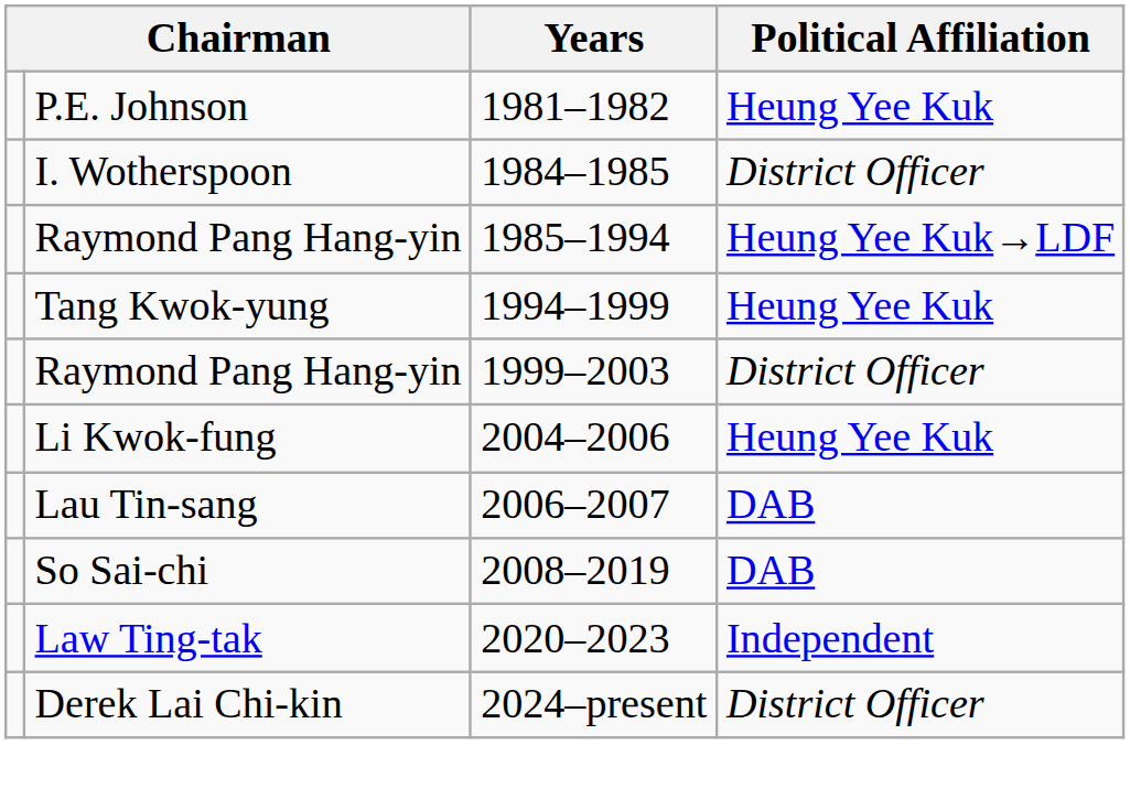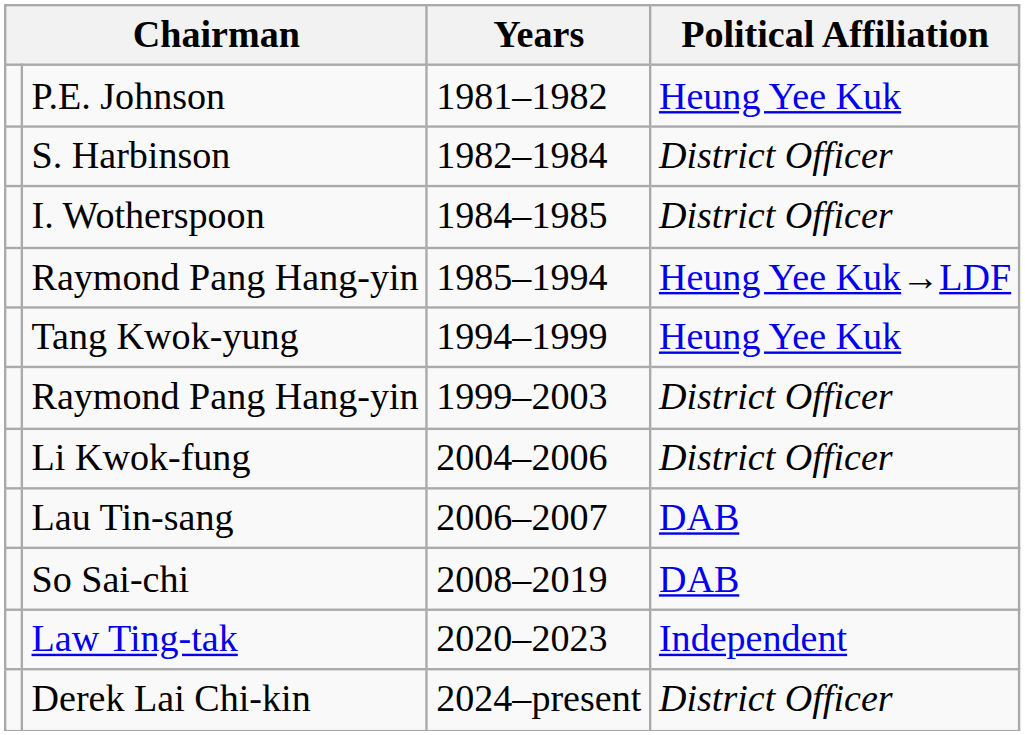 <table class="wikitable">
 <tr>
 <th colspan=2>Chairman</th>
 <th>Years</th>
 <th>Political Affiliation</th>
 </tr>
 <tr>
 <td style="color:inherit;background:"></td>
 <td>P.E. Johnson</td>
 <td>1981–1982</td>
 <td><a href='#'>Heung Yee Kuk</a></td>
+</tr>
+<tr>
+<td style="color:inherit;background:"></td>
+<td>S. Harbinson</td>
+<td>1982–1984</td>
+<td><em>District Officer</em></td>
 </tr>
 <tr>
 <td style="color:inherit;background:"></td>
 <td>I. Wotherspoon</td>
 <td>1984–1985</td>
 <td><em>District Officer</em></td>
 </tr>
 <tr>
 <td style="color:inherit;background:"></td>
 <td>Raymond Pang Hang-yin</td>
 <td>1985–1994</td>
 <td><a href='#'>Heung Yee Kuk</a>→<a href='#'>LDF</a></td>
 </tr>
 <tr>
 <td style="color:inherit;background:"></td>
 <td>Tang Kwok-yung</td>
 <td>1994–1999</td>
 <td><a href='#'>Heung Yee Kuk</a></td>
 </tr>
 <tr>
 <td style="color:inherit;background:"></td>
 <td>Raymond Pang Hang-yin</td>
 <td>1999–2003</td>
 <td><em>District Officer</em></td>
 </tr>
 <tr>
 <td style="color:inherit;background:"></td>
 <td>Li Kwok-fung</td>
 <td>2004–2006</td>
-<td><a href='#'>Heung Yee Kuk</a></td>
+<td><em>District Officer</em></td>
 </tr>
 <tr>
 <td style="color:inherit;background:"></td>
 <td>Lau Tin-sang</td>
 <td>2006–2007</td>
 <td><a href='#'>DAB</a></td>
 </tr>
 <tr>
 <td style="color:inherit;background:"></td>
 <td>So Sai-chi</td>
 <td>2008–2019</td>
 <td><a href='#'>DAB</a></td>
 </tr>
 <tr>
 <td style="color:inherit;background:"></td>
 <td><a href='#'>Law Ting-tak</a></td>
 <td>2020–2023</td>
 <td><a href='#'>Independent</a></td>
 </tr>
 <tr>
 <td style="color:inherit;background:"></td>
 <td>Derek Lai Chi-kin</td>
 <td>2024–present</td>
 <td><em>District Officer</em></td>
 </tr>
 </table>
